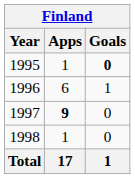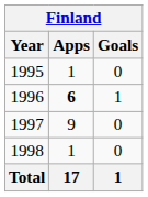 <table class=wikitable style=text-align:center>
 <tr>
 <th colspan=4><a href='#'>Finland</a></th>
 </tr>
 <tr>
 <th>Year</th>
 <th>Apps</th>
 <th>Goals</th>
 </tr>
 <tr>
 <td>1995</td>
 <td>1</td>
-<td><strong>0</strong></td>
+<td>0</td>
 </tr>
 <tr>
 <td>1996</td>
-<td>6</td>
+<td><strong>6</strong></td>
 <td>1</td>
 </tr>
 <tr>
 <td>1997</td>
-<td><strong>9</strong></td>
+<td>9</td>
 <td>0</td>
 </tr>
 <tr>
 <td>1998</td>
 <td>1</td>
 <td>0</td>
 </tr>
 <tr>
 <th colspan=1>Total</th>
 <th>17</th>
 <th>1</th>
 </tr>
 </table>
